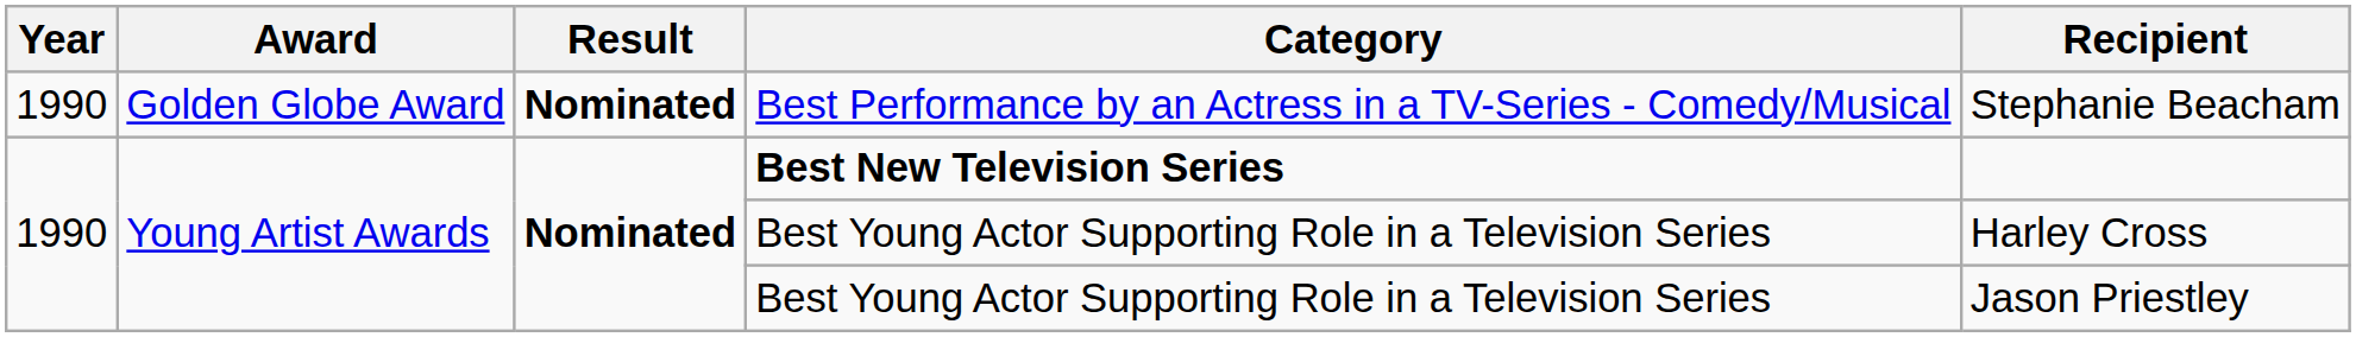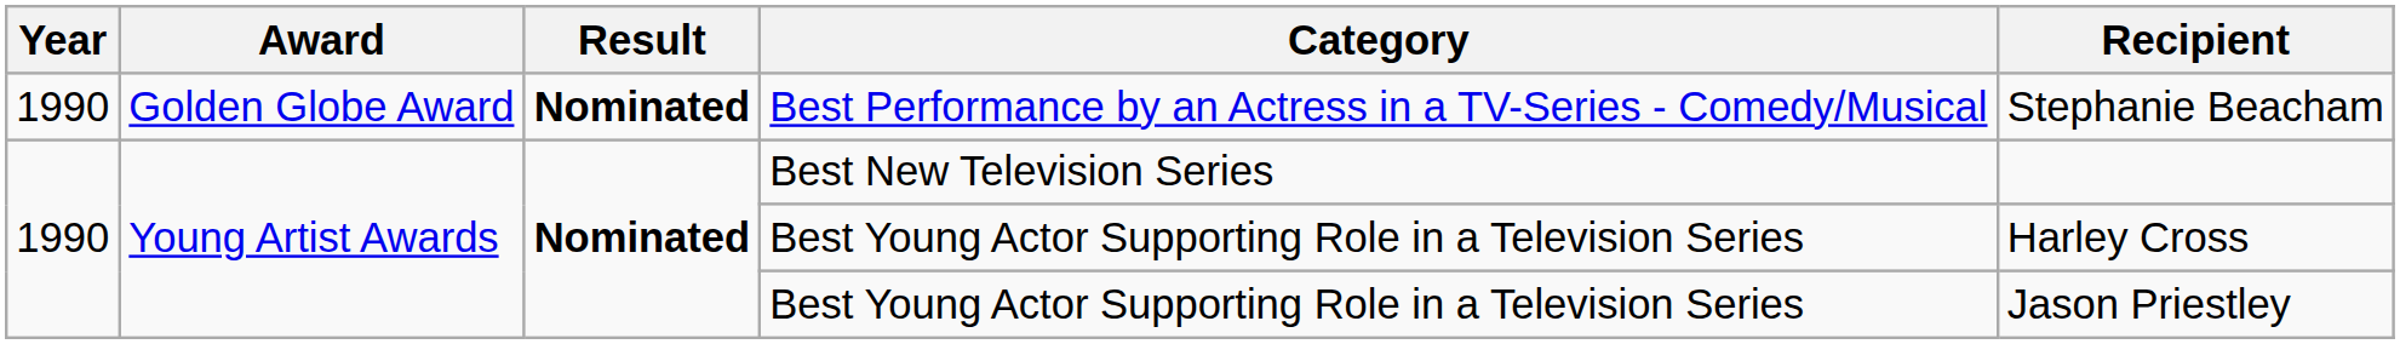 <table class="wikitable" style="font-size: 90%;">
 <tr>
 <th>Year</th>
 <th>Award</th>
 <th>Result</th>
 <th>Category</th>
 <th>Recipient</th>
 </tr>
 <tr>
 <td>1990</td>
 <td><a href='#'>Golden Globe Award</a></td>
 <td><strong>Nominated</strong></td>
 <td><a href='#'>Best Performance by an Actress in a TV-Series - Comedy/Musical</a></td>
 <td>Stephanie Beacham</td>
 </tr>
 <tr>
 <td rowspan=3>1990</td>
 <td rowspan=3><a href='#'>Young Artist Awards</a></td>
 <td rowspan=3><strong>Nominated</strong></td>
-<td><strong>Best New Television Series</strong></td>
+<td>Best New Television Series</td>
 <td></td>
 </tr>
 <tr>
 <td>Best Young Actor Supporting Role in a Television Series</td>
 <td>Harley Cross</td>
 </tr>
 <tr>
 <td>Best Young Actor Supporting Role in a Television Series</td>
 <td>Jason Priestley</td>
 </tr>
 </table>
